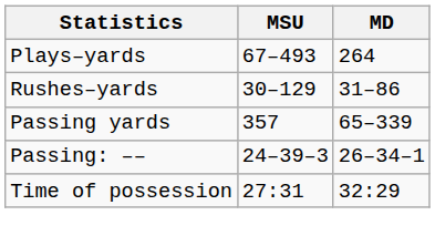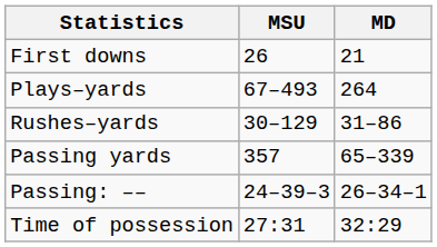 <table class="wikitable" style="float:left">
 <tr>
 <th>Statistics</th>
 <th>MSU</th>
 <th>MD</th>
+</tr>
+<tr>
+<td>First downs</td>
+<td>26</td>
+<td>21</td>
 </tr>
 <tr>
 <td>Plays–yards</td>
 <td>67–493</td>
 <td>264</td>
 </tr>
 <tr>
 <td>Rushes–yards</td>
 <td>30–129</td>
 <td>31–86</td>
 </tr>
 <tr>
 <td>Passing yards</td>
 <td>357</td>
 <td>65–339</td>
 </tr>
 <tr>
 <td>Passing: ––</td>
 <td>24–39–3</td>
 <td>26–34–1</td>
 </tr>
 <tr>
 <td>Time of possession</td>
 <td>27:31</td>
 <td>32:29</td>
 </tr>
 </table>
